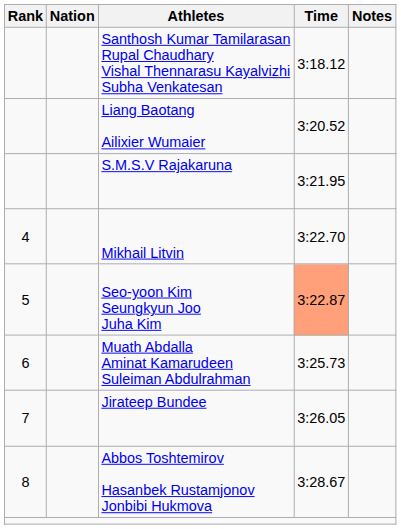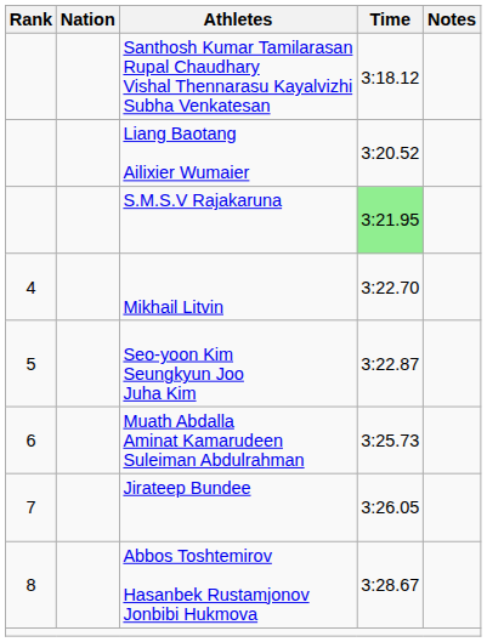 <table class="wikitable sortable" style="text-align:center;font-size:95%">
 <tr>
 <th scope="col" style="width: 10px;">Rank</th>
 <th scope="col">Nation</th>
 <th scope="col">Athletes</th>
 <th scope="col">Time</th>
 <th scope="col">Notes</th>
 </tr>
 <tr>
 <td></td>
 <td align="left"></td>
 <td align="left"><a href='#'>Santhosh Kumar Tamilarasan</a><br><a href='#'>Rupal Chaudhary</a><br><a href='#'>Vishal Thennarasu Kayalvizhi</a><br><a href='#'>Subha Venkatesan</a></td>
 <td>3:18.12</td>
 <td></td>
 </tr>
 <tr>
 <td></td>
 <td align="left"></td>
 <td align="left"><a href='#'>Liang Baotang</a><br><br><a href='#'>Ailixier Wumaier</a><br></td>
 <td>3:20.52</td>
 <td></td>
 </tr>
 <tr>
 <td></td>
 <td align="left"></td>
 <td align="left"><a href='#'>S.M.S.V Rajakaruna</a><br><br><br></td>
-<td>3:21.95</td>
+<td style="background: lightgreen;">3:21.95</td>
 <td></td>
 </tr>
 <tr>
 <td>4</td>
 <td align="left"></td>
 <td align="left"><br><br><a href='#'>Mikhail Litvin</a><br></td>
 <td>3:22.70</td>
 <td></td>
 </tr>
 <tr>
 <td>5</td>
 <td align="left"></td>
 <td align="left"><br><a href='#'>Seo-yoon Kim</a><br><a href='#'>Seungkyun Joo</a><br><a href='#'>Juha Kim</a></td>
-<td style="background: lightsalmon;">3:22.87</td>
+<td>3:22.87</td>
 <td></td>
 </tr>
 <tr>
 <td>6</td>
 <td align="left"></td>
 <td align="left"><a href='#'>Muath Abdalla</a><br><a href='#'>Aminat Kamarudeen</a><br><a href='#'>Suleiman Abdulrahman</a><br></td>
 <td>3:25.73</td>
 <td></td>
 </tr>
 <tr>
 <td>7</td>
 <td align="left"></td>
 <td align="left"><a href='#'>Jirateep Bundee</a><br><br><br></td>
 <td>3:26.05</td>
 <td></td>
 </tr>
 <tr>
 <td>8</td>
 <td align="left"></td>
 <td align="left"><a href='#'>Abbos Toshtemirov</a><br><br><a href='#'>Hasanbek Rustamjonov</a><br><a href='#'>Jonbibi Hukmova</a></td>
 <td>3:28.67</td>
 <td></td>
 </tr>
 <tr class="sortbottom">
 <td colspan="5"></td>
 </tr>
 </table>
